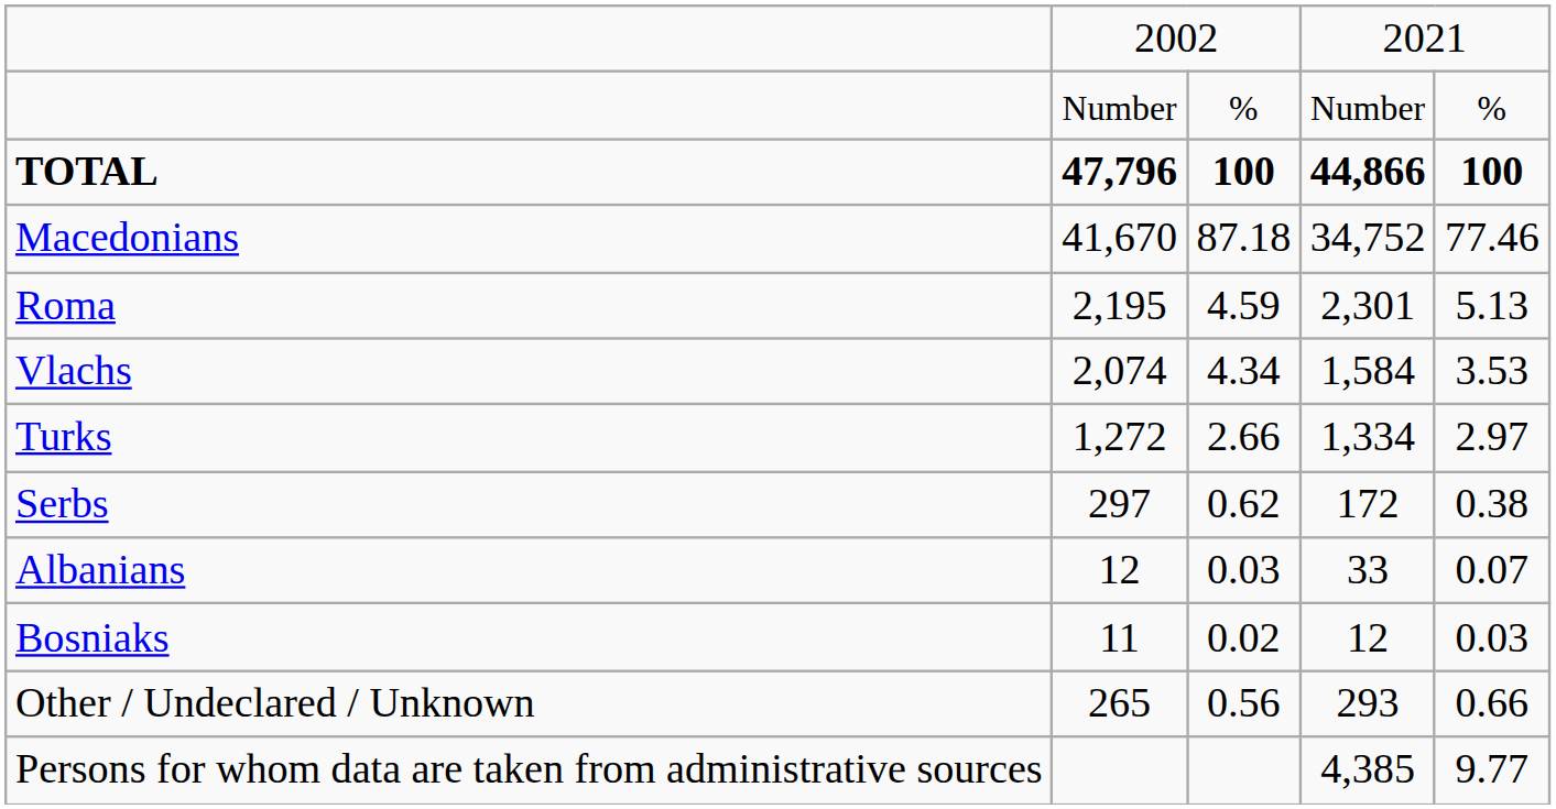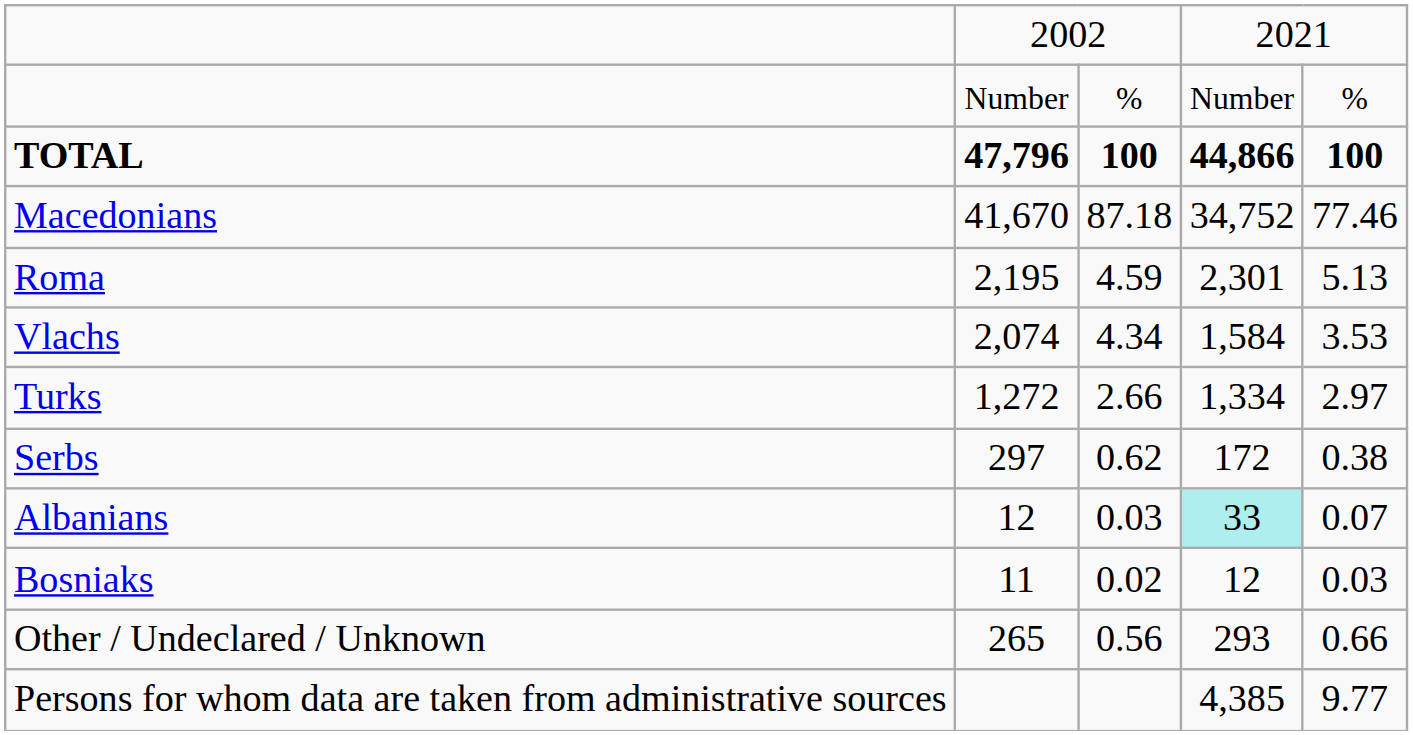 <table class="wikitable">
 <tr>
 <td></td>
 <td colspan="2" align="center">2002</td>
 <td colspan="2" align="center">2021</td>
 </tr>
 <tr>
 <td></td>
 <td align="center"><small>Number</small></td>
 <td align="center"><small>%</small></td>
 <td align="center"><small>Number</small></td>
 <td align="center"><small>%</small></td>
 </tr>
 <tr>
 <td><strong>TOTAL</strong></td>
 <td align="center"><strong>47,796</strong></td>
 <td align="center"><strong>100</strong></td>
 <td align="center"><strong>44,866</strong></td>
 <td align="center"><strong>100</strong></td>
 </tr>
 <tr>
 <td><a href='#'>Macedonians</a></td>
 <td align="center">41,670</td>
 <td align="center">87.18</td>
 <td align="center">34,752</td>
 <td align="center">77.46</td>
 </tr>
 <tr>
 <td><a href='#'>Roma</a></td>
 <td align="center">2,195</td>
 <td align="center">4.59</td>
 <td align="center">2,301</td>
 <td align="center">5.13</td>
 </tr>
 <tr>
 <td><a href='#'>Vlachs</a></td>
 <td align="center">2,074</td>
 <td align="center">4.34</td>
 <td align="center">1,584</td>
 <td align="center">3.53</td>
 </tr>
 <tr>
 <td><a href='#'>Turks</a></td>
 <td align="center">1,272</td>
 <td align="center">2.66</td>
 <td align="center">1,334</td>
 <td align="center">2.97</td>
 </tr>
 <tr>
 <td><a href='#'>Serbs</a></td>
 <td align="center">297</td>
 <td align="center">0.62</td>
 <td align="center">172</td>
 <td align="center">0.38</td>
 </tr>
 <tr>
 <td><a href='#'>Albanians</a></td>
 <td align="center">12</td>
 <td align="center">0.03</td>
-<td align="center">33</td>
+<td align="center" style="background: paleturquoise;">33</td>
 <td align="center">0.07</td>
 </tr>
 <tr>
 <td><a href='#'>Bosniaks</a></td>
 <td align="center">11</td>
 <td align="center">0.02</td>
 <td align="center">12</td>
 <td align="center">0.03</td>
 </tr>
 <tr>
 <td>Other / Undeclared / Unknown</td>
 <td align="center">265</td>
 <td align="center">0.56</td>
 <td align="center">293</td>
 <td align="center">0.66</td>
 </tr>
 <tr>
 <td>Persons for whom data are taken from administrative sources</td>
 <td align="center"></td>
 <td align="center"></td>
 <td align="center">4,385</td>
 <td align="center">9.77</td>
 </tr>
 </table>
